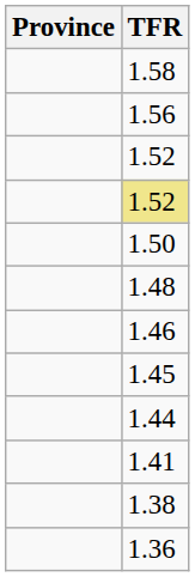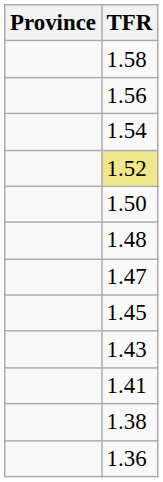 <table class="wikitable sortable">
 <tr>
 <th>Province</th>
 <th>TFR</th>
 </tr>
 <tr>
 <td></td>
 <td>1.58</td>
 </tr>
 <tr>
 <td></td>
 <td>1.56</td>
 </tr>
 <tr>
 <td></td>
-<td>1.52</td>
+<td>1.54</td>
 </tr>
 <tr>
 <td></td>
 <td style="background: khaki;">1.52</td>
 </tr>
 <tr>
 <td></td>
 <td>1.50</td>
 </tr>
 <tr>
 <td></td>
 <td>1.48</td>
 </tr>
 <tr>
 <td><strong></strong></td>
-<td>1.46</td>
+<td>1.47</td>
 </tr>
 <tr>
 <td></td>
 <td>1.45</td>
 </tr>
 <tr>
 <td></td>
-<td>1.44</td>
+<td>1.43</td>
 </tr>
 <tr>
 <td></td>
 <td>1.41</td>
 </tr>
 <tr>
 <td></td>
 <td>1.38</td>
 </tr>
 <tr>
 <td></td>
 <td>1.36</td>
 </tr>
 </table>
